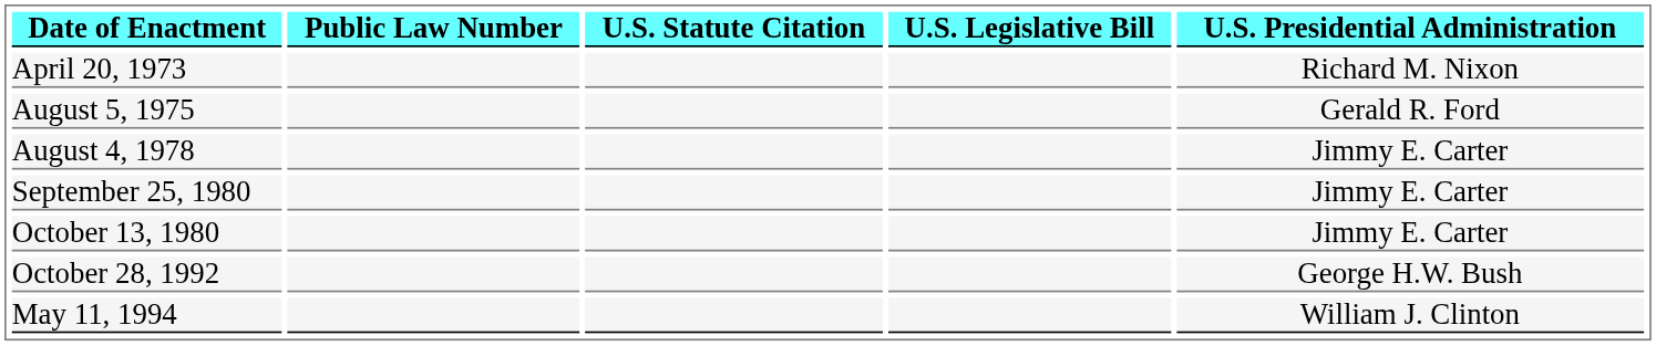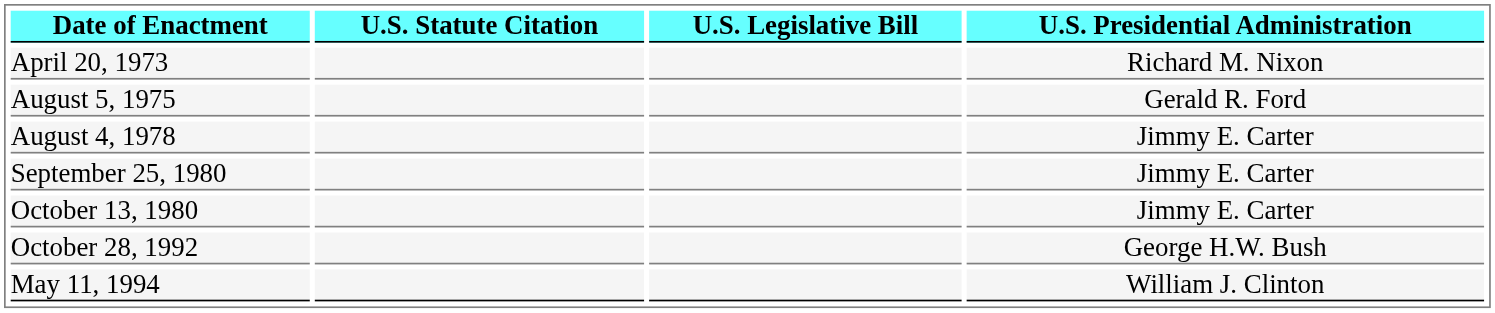 <table style="border:1px solid gray; align:left; width:70%" cellspacing=3 cellpadding=0>
 <tr style="font-weight:bold; text-align:center; background:#6FF; color:black;">
 <th style=" border-bottom:1.5px solid black">Date of Enactment</th>
-<th style=" border-bottom:1.5px solid black">Public Law Number</th>
 <th style=" border-bottom:1.5px solid black">U.S. Statute Citation</th>
 <th style=" border-bottom:1.5px solid black">U.S. Legislative Bill</th>
 <th style=" border-bottom:1.5px solid black">U.S. Presidential Administration</th>
 </tr>
 <tr>
 <td style="border-bottom:1px solid gray; background:#F5F5F5;">April 20, 1973</td>
 <td style="border-bottom:1px solid gray; background:#F5F5F5; text-align:center;"></td>
 <td style="border-bottom:1px solid gray; background:#F5F5F5; text-align:center;"></td>
-<td style="border-bottom:1px solid gray; background:#F5F5F5; text-align:center;"></td>
 <td style="border-bottom:1px solid gray; background:#F5F5F5; text-align:center;">Richard M. Nixon</td>
 </tr>
 <tr>
 <td style="border-bottom:1px solid gray; background:#F5F5F5;">August 5, 1975</td>
-<td style="border-bottom:1px solid gray; background:#F5F5F5; text-align:center;"></td>
 <td style="border-bottom:1px solid gray; background:#F5F5F5; text-align:center;"></td>
 <td style="border-bottom:1px solid gray; background:#F5F5F5; text-align:center;"></td>
 <td style="border-bottom:1px solid gray; background:#F5F5F5; text-align:center;">Gerald R. Ford</td>
 </tr>
 <tr>
 <td style="border-bottom:1px solid gray; background:#F5F5F5;">August 4, 1978</td>
 <td style="border-bottom:1px solid gray; background:#F5F5F5; text-align:center;"></td>
 <td style="border-bottom:1px solid gray; background:#F5F5F5; text-align:center;"></td>
-<td style="border-bottom:1px solid gray; background:#F5F5F5; text-align:center;"></td>
 <td style="border-bottom:1px solid gray; background:#F5F5F5; text-align:center;">Jimmy E. Carter</td>
 </tr>
 <tr>
 <td style="border-bottom:1px solid gray; background:#F5F5F5;">September 25, 1980</td>
-<td style="border-bottom:1px solid gray; background:#F5F5F5; text-align:center;"></td>
 <td style="border-bottom:1px solid gray; background:#F5F5F5; text-align:center;"></td>
 <td style="border-bottom:1px solid gray; background:#F5F5F5; text-align:center;"></td>
 <td style="border-bottom:1px solid gray; background:#F5F5F5; text-align:center;">Jimmy E. Carter</td>
 </tr>
 <tr>
 <td style="border-bottom:1px solid gray; background:#F5F5F5;">October 13, 1980</td>
 <td style="border-bottom:1px solid gray; background:#F5F5F5; text-align:center;"></td>
 <td style="border-bottom:1px solid gray; background:#F5F5F5; text-align:center;"></td>
-<td style="border-bottom:1px solid gray; background:#F5F5F5; text-align:center;"></td>
 <td style="border-bottom:1px solid gray; background:#F5F5F5; text-align:center;">Jimmy E. Carter</td>
 </tr>
 <tr>
 <td style="border-bottom:1px solid gray; background:#F5F5F5;">October 28, 1992</td>
-<td style="border-bottom:1px solid gray; background:#F5F5F5; text-align:center;"></td>
 <td style="border-bottom:1px solid gray; background:#F5F5F5; text-align:center;"></td>
 <td style="border-bottom:1px solid gray; background:#F5F5F5; text-align:center;"></td>
 <td style="border-bottom:1px solid gray; background:#F5F5F5; text-align:center;">George H.W. Bush</td>
 </tr>
 <tr>
 <td style="border-bottom:1.5px solid black; background:#F5F5F5;">May 11, 1994</td>
 <td style="border-bottom:1.5px solid black; background:#F5F5F5; text-align:center;"></td>
 <td style="border-bottom:1.5px solid black; background:#F5F5F5; text-align:center;"></td>
-<td style="border-bottom:1.5px solid black; background:#F5F5F5; text-align:center;"></td>
 <td style="border-bottom:1.5px solid black; background:#F5F5F5; text-align:center;">William J. Clinton</td>
 </tr>
 </table>
